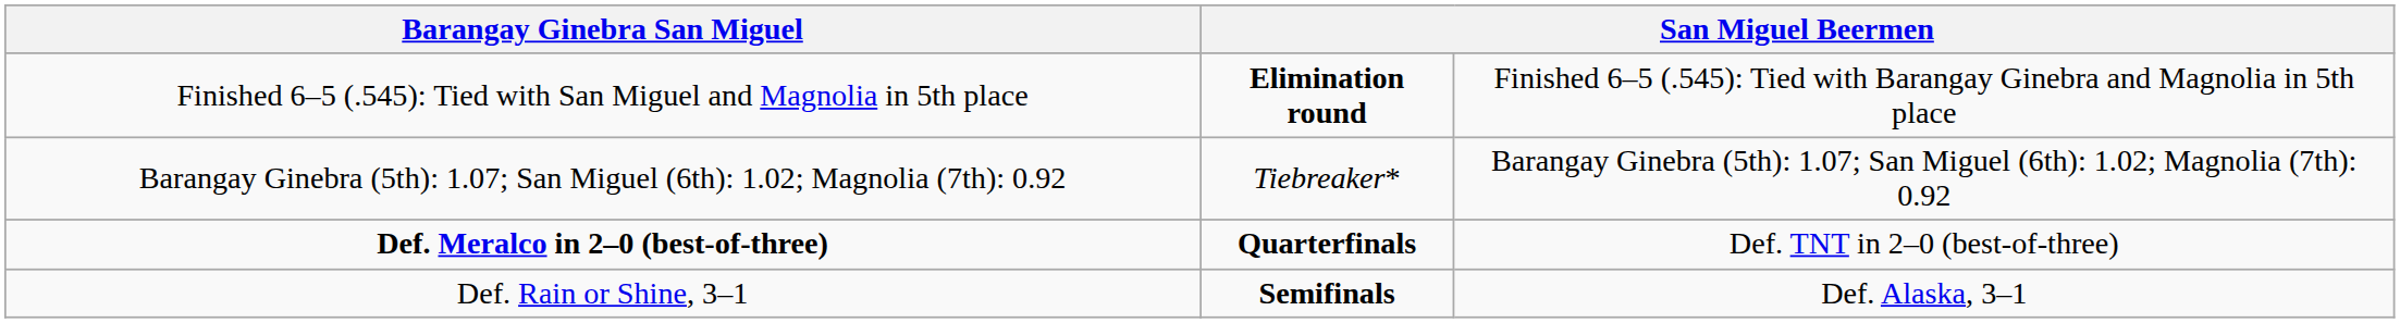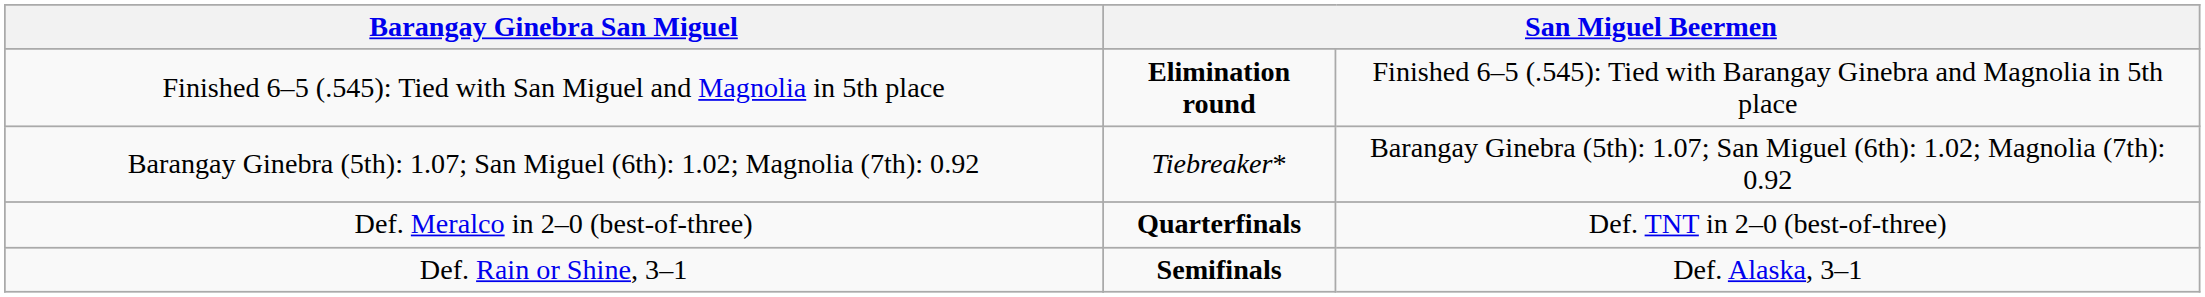 <table class=wikitable style="text-align:center">
 <tr>
 <th colspan=2 width=45%><a href='#'>Barangay Ginebra San Miguel</a></th>
 <th colspan=2 width=45%><a href='#'>San Miguel Beermen</a></th>
 </tr>
 <tr>
 <td>Finished 6–5 (.545): Tied with San Miguel and <a href='#'>Magnolia</a> in 5th place</td>
 <td colspan=2><strong>Elimination round</strong></td>
 <td>Finished 6–5 (.545): Tied with Barangay Ginebra and Magnolia in 5th place</td>
 </tr>
 <tr>
 <td>Barangay Ginebra (5th): 1.07; San Miguel (6th): 1.02; Magnolia (7th): 0.92</td>
 <td colspan=2><em>Tiebreaker</em>*</td>
 <td>Barangay Ginebra (5th): 1.07; San Miguel (6th): 1.02; Magnolia (7th): 0.92</td>
 </tr>
 <tr>
-<td><strong>Def. <a href='#'>Meralco</a> in 2–0 (best-of-three)</strong></td>
+<td>Def. <a href='#'>Meralco</a> in 2–0 (best-of-three)</td>
 <td colspan=2><strong>Quarterfinals</strong></td>
 <td>Def. <a href='#'>TNT</a> in 2–0 (best-of-three)</td>
 </tr>
 <tr>
 <td>Def. <a href='#'>Rain or Shine</a>, 3–1</td>
 <td colspan=2><strong>Semifinals</strong></td>
 <td>Def. <a href='#'>Alaska</a>, 3–1</td>
 </tr>
 </table>
